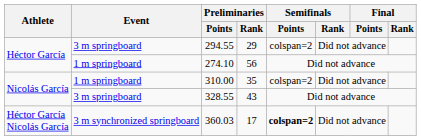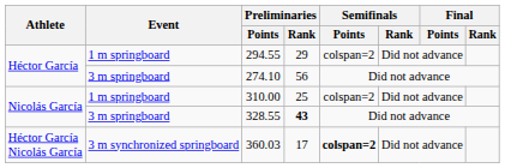 <table class=wikitable style="font-size:90%;">
 <tr>
 <th rowspan="2">Athlete</th>
 <th rowspan="2">Event</th>
 <th colspan="2">Preliminaries</th>
 <th colspan="2">Semifinals</th>
 <th colspan="2">Final</th>
 </tr>
 <tr style="font-size:95%">
 <th>Points</th>
 <th>Rank</th>
 <th>Points</th>
 <th>Rank</th>
 <th>Points</th>
 <th>Rank</th>
 </tr>
 <tr align=center>
 <td align=left rowspan=2><a href='#'>Héctor García</a></td>
-<td align=left><a href='#'>3 m springboard</a></td>
+<td align=left><a href='#'>1 m springboard</a></td>
 <td>294.55</td>
 <td>29</td>
 <td>colspan=2 </td>
 <td colspan=2>Did not advance</td>
 </tr>
 <tr align=center>
-<td align=left><a href='#'>1 m springboard</a></td>
+<td align=left><a href='#'>3 m springboard</a></td>
 <td>274.10</td>
 <td>56</td>
 <td colspan=4>Did not advance</td>
 </tr>
 <tr align=center>
 <td align=left rowspan=2><a href='#'>Nicolás García</a></td>
 <td align=left><a href='#'>1 m springboard</a></td>
 <td>310.00</td>
-<td>35</td>
+<td>25</td>
 <td>colspan=2 </td>
 <td colspan=2>Did not advance</td>
 </tr>
 <tr align=center>
 <td align=left><a href='#'>3 m springboard</a></td>
 <td>328.55</td>
-<td>43</td>
+<td><strong>43</strong></td>
 <td colspan=4>Did not advance</td>
 </tr>
 <tr align=center>
 <td align=left><a href='#'>Héctor García</a><br><a href='#'>Nicolás García</a></td>
 <td align=left><a href='#'>3 m synchronized springboard</a></td>
 <td>360.03</td>
 <td>17</td>
 <td><strong>colspan=2 </strong></td>
 <td colspan=2>Did not advance</td>
 </tr>
 </table>
